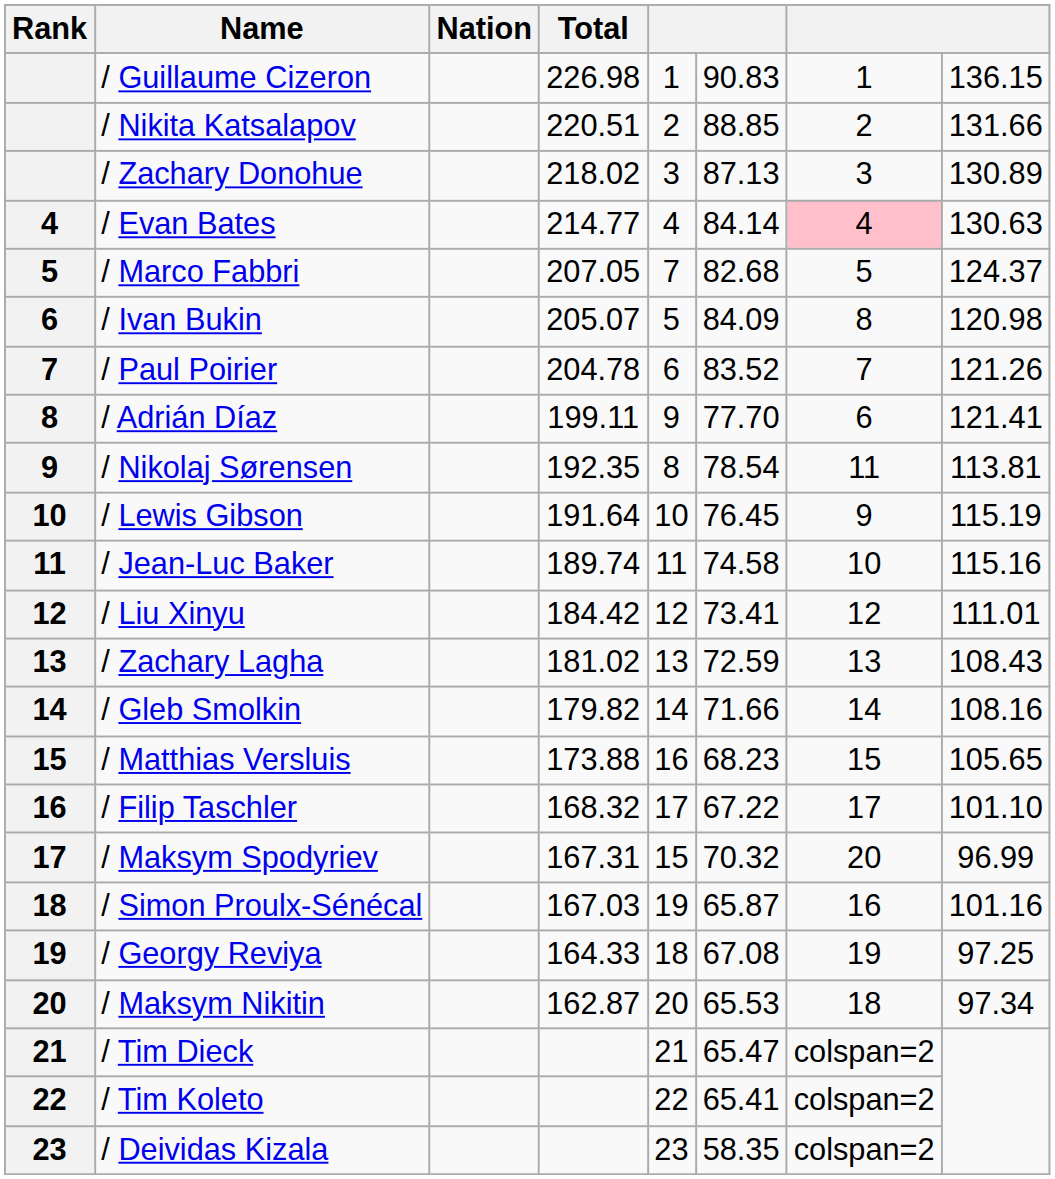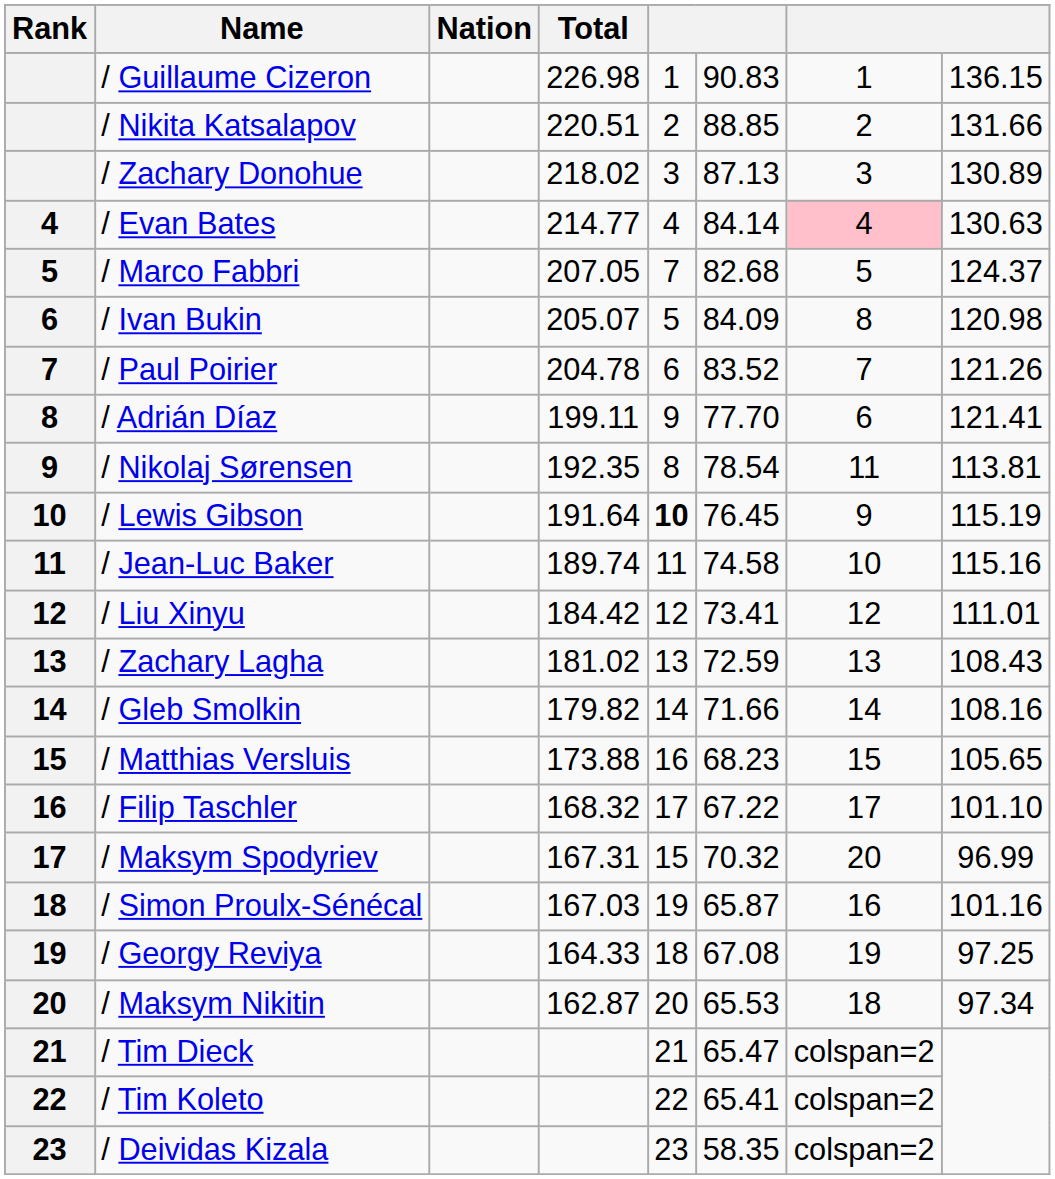 <table class="wikitable sortable" style="text-align:center">
 <tr>
 <th>Rank</th>
 <th>Name</th>
 <th>Nation</th>
 <th>Total</th>
 <th colspan=2></th>
 <th colspan=2></th>
 </tr>
 <tr>
 <th></th>
 <td align=left> / <a href='#'>Guillaume Cizeron</a></td>
 <td align=left></td>
 <td>226.98</td>
 <td>1</td>
 <td>90.83</td>
 <td>1</td>
 <td>136.15</td>
 </tr>
 <tr>
 <th></th>
 <td align=left> / <a href='#'>Nikita Katsalapov</a></td>
 <td align=left></td>
 <td>220.51</td>
 <td>2</td>
 <td>88.85</td>
 <td>2</td>
 <td>131.66</td>
 </tr>
 <tr>
 <th></th>
 <td align=left> / <a href='#'>Zachary Donohue</a></td>
 <td align=left></td>
 <td>218.02</td>
 <td>3</td>
 <td>87.13</td>
 <td>3</td>
 <td>130.89</td>
 </tr>
 <tr>
 <th>4</th>
 <td align=left> / <a href='#'>Evan Bates</a></td>
 <td align=left></td>
 <td>214.77</td>
 <td>4</td>
 <td>84.14</td>
 <td style="background: pink;">4</td>
 <td>130.63</td>
 </tr>
 <tr>
 <th>5</th>
 <td align=left> / <a href='#'>Marco Fabbri</a></td>
 <td align=left></td>
 <td>207.05</td>
 <td>7</td>
 <td>82.68</td>
 <td>5</td>
 <td>124.37</td>
 </tr>
 <tr>
 <th>6</th>
 <td align=left> / <a href='#'>Ivan Bukin</a></td>
 <td align=left></td>
 <td>205.07</td>
 <td>5</td>
 <td>84.09</td>
 <td>8</td>
 <td>120.98</td>
 </tr>
 <tr>
 <th>7</th>
 <td align=left> / <a href='#'>Paul Poirier</a></td>
 <td align=left></td>
 <td>204.78</td>
 <td>6</td>
 <td>83.52</td>
 <td>7</td>
 <td>121.26</td>
 </tr>
 <tr>
 <th>8</th>
 <td align=left> / <a href='#'>Adrián Díaz</a></td>
 <td align=left></td>
 <td>199.11</td>
 <td>9</td>
 <td>77.70</td>
 <td>6</td>
 <td>121.41</td>
 </tr>
 <tr>
 <th>9</th>
 <td align=left> / <a href='#'>Nikolaj Sørensen</a></td>
 <td align=left></td>
 <td>192.35</td>
 <td>8</td>
 <td>78.54</td>
 <td>11</td>
 <td>113.81</td>
 </tr>
 <tr>
 <th>10</th>
 <td align=left> / <a href='#'>Lewis Gibson</a></td>
 <td align=left></td>
 <td>191.64</td>
-<td>10</td>
+<td><strong>10</strong></td>
 <td>76.45</td>
 <td>9</td>
 <td>115.19</td>
 </tr>
 <tr>
 <th>11</th>
 <td align=left> / <a href='#'>Jean-Luc Baker</a></td>
 <td align=left></td>
 <td>189.74</td>
 <td>11</td>
 <td>74.58</td>
 <td>10</td>
 <td>115.16</td>
 </tr>
 <tr>
 <th>12</th>
 <td align=left> / <a href='#'>Liu Xinyu</a></td>
 <td align=left></td>
 <td>184.42</td>
 <td>12</td>
 <td>73.41</td>
 <td>12</td>
 <td>111.01</td>
 </tr>
 <tr>
 <th>13</th>
 <td align=left> / <a href='#'>Zachary Lagha</a></td>
 <td align=left></td>
 <td>181.02</td>
 <td>13</td>
 <td>72.59</td>
 <td>13</td>
 <td>108.43</td>
 </tr>
 <tr>
 <th>14</th>
 <td align=left> / <a href='#'>Gleb Smolkin</a></td>
 <td align=left></td>
 <td>179.82</td>
 <td>14</td>
 <td>71.66</td>
 <td>14</td>
 <td>108.16</td>
 </tr>
 <tr>
 <th>15</th>
 <td align=left> / <a href='#'>Matthias Versluis</a></td>
 <td align=left></td>
 <td>173.88</td>
 <td>16</td>
 <td>68.23</td>
 <td>15</td>
 <td>105.65</td>
 </tr>
 <tr>
 <th>16</th>
 <td align=left> / <a href='#'>Filip Taschler</a></td>
 <td align=left></td>
 <td>168.32</td>
 <td>17</td>
 <td>67.22</td>
 <td>17</td>
 <td>101.10</td>
 </tr>
 <tr>
 <th>17</th>
 <td align=left> / <a href='#'>Maksym Spodyriev</a></td>
 <td align=left></td>
 <td>167.31</td>
 <td>15</td>
 <td>70.32</td>
 <td>20</td>
 <td>96.99</td>
 </tr>
 <tr>
 <th>18</th>
 <td align=left> / <a href='#'>Simon Proulx-Sénécal</a></td>
 <td align=left></td>
 <td>167.03</td>
 <td>19</td>
 <td>65.87</td>
 <td>16</td>
 <td>101.16</td>
 </tr>
 <tr>
 <th>19</th>
 <td align=left> / <a href='#'>Georgy Reviya</a></td>
 <td align=left></td>
 <td>164.33</td>
 <td>18</td>
 <td>67.08</td>
 <td>19</td>
 <td>97.25</td>
 </tr>
 <tr>
 <th>20</th>
 <td align=left> / <a href='#'>Maksym Nikitin</a></td>
 <td align=left></td>
 <td>162.87</td>
 <td>20</td>
 <td>65.53</td>
 <td>18</td>
 <td>97.34</td>
 </tr>
 <tr>
 <th>21</th>
 <td align=left> / <a href='#'>Tim Dieck</a></td>
 <td align=left></td>
 <td></td>
 <td>21</td>
 <td>65.47</td>
 <td>colspan=2 </td>
 </tr>
 <tr>
 <th>22</th>
 <td align=left> / <a href='#'>Tim Koleto</a></td>
 <td align=left></td>
 <td></td>
 <td>22</td>
 <td>65.41</td>
 <td>colspan=2 </td>
 </tr>
 <tr>
 <th>23</th>
 <td align=left> / <a href='#'>Deividas Kizala</a></td>
 <td align=left></td>
 <td></td>
 <td>23</td>
 <td>58.35</td>
 <td>colspan=2 </td>
 </tr>
 </table>
